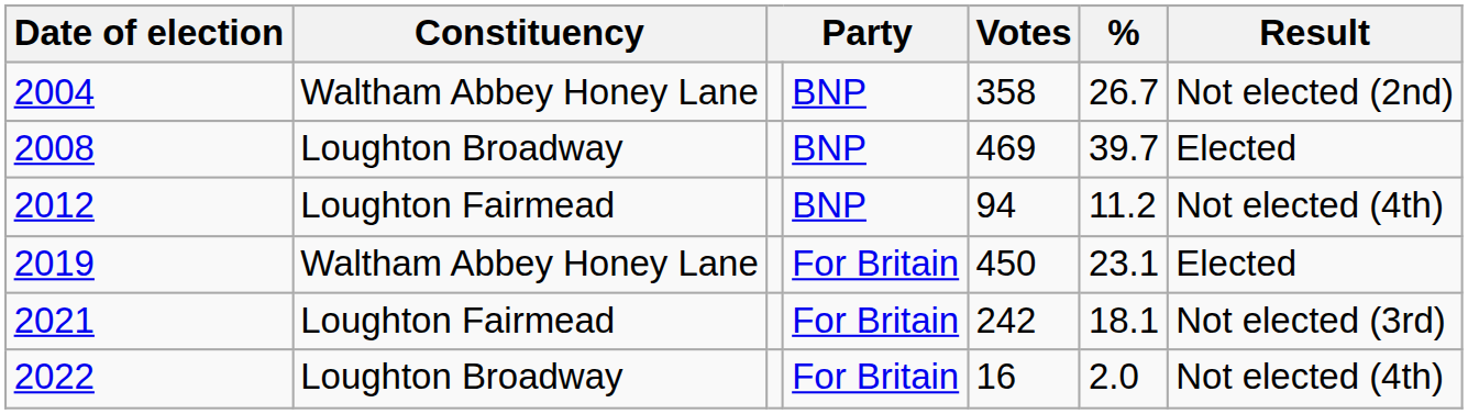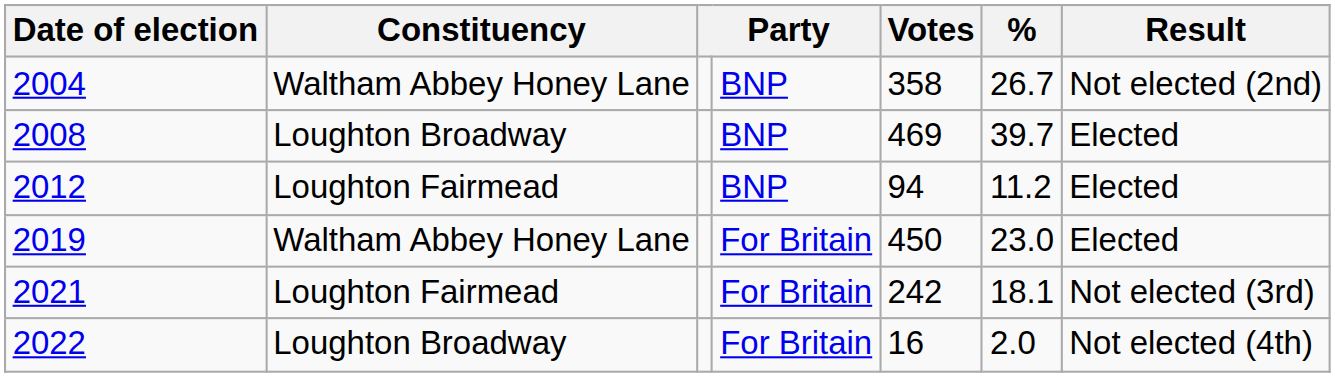 <table class="wikitable">
 <tr>
 <th>Date of election</th>
 <th>Constituency</th>
 <th colspan="2">Party</th>
 <th>Votes</th>
 <th>%</th>
 <th>Result</th>
 </tr>
 <tr>
 <td><a href='#'>2004</a></td>
 <td>Waltham Abbey Honey Lane</td>
 <td style="background-color: "></td>
 <td><a href='#'>BNP</a></td>
 <td>358</td>
 <td>26.7</td>
 <td>Not elected (2nd)</td>
 </tr>
 <tr>
 <td><a href='#'>2008</a></td>
 <td>Loughton Broadway</td>
 <td style="background-color: "></td>
 <td><a href='#'>BNP</a></td>
 <td>469</td>
 <td>39.7</td>
 <td>Elected</td>
 </tr>
 <tr>
 <td><a href='#'>2012</a></td>
 <td>Loughton Fairmead</td>
 <td style="background-color: "></td>
 <td><a href='#'>BNP</a></td>
 <td>94</td>
 <td>11.2</td>
-<td>Not elected (4th)</td>
+<td>Elected</td>
 </tr>
 <tr>
 <td><a href='#'>2019</a></td>
 <td>Waltham Abbey Honey Lane</td>
 <td style="background-color: "></td>
 <td><a href='#'>For Britain</a></td>
 <td>450</td>
-<td>23.1</td>
+<td>23.0</td>
 <td>Elected</td>
 </tr>
 <tr>
 <td><a href='#'>2021</a></td>
 <td>Loughton Fairmead</td>
 <td style="background-color: "></td>
 <td><a href='#'>For Britain</a></td>
 <td>242</td>
 <td>18.1</td>
 <td>Not elected (3rd)</td>
 </tr>
 <tr>
 <td><a href='#'>2022</a></td>
 <td>Loughton Broadway</td>
 <td style="background-color: "></td>
 <td><a href='#'>For Britain</a></td>
 <td>16</td>
 <td>2.0</td>
 <td>Not elected (4th)</td>
 </tr>
 </table>
